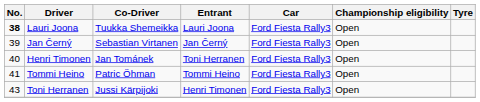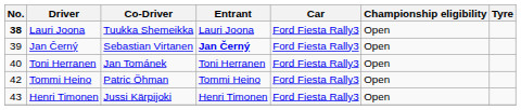 <table class="wikitable" style="font-size: 85%;">
 <tr>
 <th>No.</th>
 <th>Driver</th>
 <th>Co-Driver</th>
 <th>Entrant</th>
 <th>Car</th>
 <th>Championship eligibility</th>
 <th>Tyre</th>
 </tr>
 <tr>
 <td align="center"><strong>38</strong></td>
 <td> <a href='#'>Lauri Joona</a></td>
 <td> <a href='#'>Tuukka Shemeikka</a></td>
 <td> <a href='#'>Lauri Joona</a></td>
 <td><a href='#'>Ford Fiesta Rally3</a></td>
 <td>Open</td>
 <td align="center"></td>
 </tr>
 <tr>
 <td align="center">39</td>
 <td> <a href='#'>Jan Černý</a></td>
 <td> <a href='#'>Sebastian Virtanen</a></td>
-<td> <a href='#'>Jan Černý</a></td>
+<td><strong> <a href='#'>Jan Černý</a></strong></td>
 <td><a href='#'>Ford Fiesta Rally3</a></td>
 <td>Open</td>
 <td align="center"></td>
 </tr>
 <tr>
 <td align="center">40</td>
-<td> <a href='#'>Henri Timonen</a></td>
+<td> <a href='#'>Toni Herranen</a></td>
 <td> <a href='#'>Jan Tománek</a></td>
 <td> <a href='#'>Toni Herranen</a></td>
 <td><a href='#'>Ford Fiesta Rally3</a></td>
 <td>Open</td>
 <td align="center"></td>
 </tr>
 <tr>
-<td align="center">41</td>
+<td align="center">42</td>
 <td> <a href='#'>Tommi Heino</a></td>
 <td> <a href='#'>Patric Öhman</a></td>
 <td> <a href='#'>Tommi Heino</a></td>
 <td><a href='#'>Ford Fiesta Rally3</a></td>
 <td>Open</td>
 <td align="center"></td>
 </tr>
 <tr>
 <td align="center">43</td>
-<td> <a href='#'>Toni Herranen</a></td>
+<td> <a href='#'>Henri Timonen</a></td>
 <td> <a href='#'>Jussi Kärpijoki</a></td>
 <td> <a href='#'>Henri Timonen</a></td>
 <td><a href='#'>Ford Fiesta Rally3</a></td>
 <td>Open</td>
 <td align="center"></td>
 </tr>
 <tr>
 </tr>
 </table>
